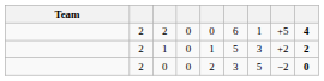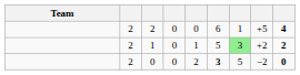 <table class="wikitable" style="text-align: center; font-size:90% ">
 <tr>
 <th width="160">Team</th>
 <th width="25"></th>
 <th width="25"></th>
 <th width="25"></th>
 <th width="25"></th>
 <th width="25"></th>
 <th width="25"></th>
 <th width="25"></th>
 <th width="25"></th>
 </tr>
 <tr>
 <td align="left"></td>
 <td>2</td>
 <td>2</td>
 <td>0</td>
 <td>0</td>
 <td>6</td>
 <td>1</td>
 <td>+5</td>
 <td><strong>4</strong></td>
 </tr>
 <tr>
 <td align="left"></td>
 <td>2</td>
 <td>1</td>
 <td>0</td>
 <td>1</td>
 <td>5</td>
-<td>3</td>
+<td style="background: lightgreen;">3</td>
 <td>+2</td>
 <td><strong>2</strong></td>
 </tr>
 <tr>
 <td align="left"></td>
 <td>2</td>
 <td>0</td>
 <td>0</td>
 <td>2</td>
-<td>3</td>
+<td><strong>3</strong></td>
 <td>5</td>
 <td>−2</td>
 <td><strong>0</strong></td>
 </tr>
 </table>
